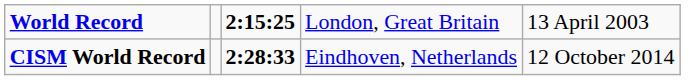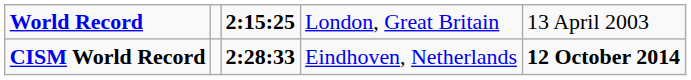 <table class="wikitable">
 <tr>
 <td><strong><a href='#'>World Record</a></strong></td>
 <td></td>
 <td><strong>2:15:25</strong></td>
 <td><a href='#'>London</a>, <a href='#'>Great Britain</a></td>
 <td>13 April 2003</td>
 </tr>
 <tr>
 <td><strong><a href='#'>CISM</a> World Record</strong></td>
 <td></td>
 <td><strong>2:28:33</strong></td>
 <td><a href='#'>Eindhoven</a>, <a href='#'>Netherlands</a></td>
-<td>12 October 2014</td>
+<td><strong>12 October 2014</strong></td>
 </tr>
 </table>
